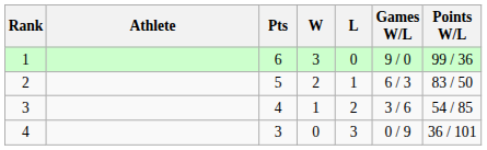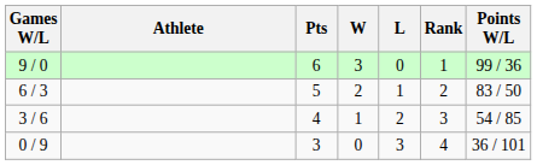 <table class="wikitable" style="text-align: center; font-size:90% ">
 <tr>
-<th width="20">Rank</th>
+<th width="40">Games<br>W/L</th>
 <th width="200">Athlete</th>
 <th width="30">Pts</th>
 <th width="30">W</th>
 <th width="30">L</th>
-<th width="40">Games<br>W/L</th>
+<th width="20">Rank</th>
 <th width="50">Points<br>W/L</th>
 </tr>
 <tr bgcolor=#ccffcc>
-<td>1</td>
+<td>9 / 0</td>
 <td align=left></td>
 <td>6</td>
 <td>3</td>
 <td>0</td>
-<td>9 / 0</td>
+<td>1</td>
 <td>99 / 36</td>
 </tr>
 <tr>
-<td>2</td>
+<td>6 / 3</td>
 <td align=left></td>
 <td>5</td>
 <td>2</td>
 <td>1</td>
-<td>6 / 3</td>
+<td>2</td>
 <td>83 / 50</td>
 </tr>
 <tr>
-<td>3</td>
+<td>3 / 6</td>
 <td align=left></td>
 <td>4</td>
 <td>1</td>
 <td>2</td>
-<td>3 / 6</td>
+<td>3</td>
 <td>54 / 85</td>
 </tr>
 <tr>
-<td>4</td>
+<td>0 / 9</td>
 <td align=left></td>
 <td>3</td>
 <td>0</td>
 <td>3</td>
-<td>0 / 9</td>
+<td>4</td>
 <td>36 / 101</td>
 </tr>
 </table>
